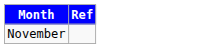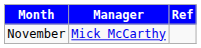 <table class="wikitable" style="text-align:center">
 <tr>
 <th style="background:blue; color:white; width=0%">Month</th>
+<th style="background:blue; color:white; width=0%">Manager</th>
 <th style="background:blue; color:white; width=0%">Ref</th>
 </tr>
 <tr>
 <td>November</td>
+<td> <a href='#'>Mick McCarthy</a></td>
 <td></td>
 </tr>
 </table>
